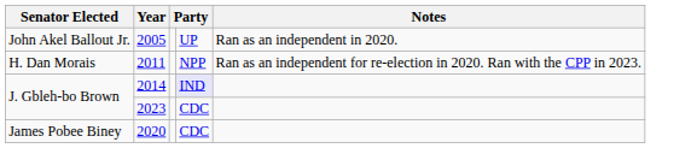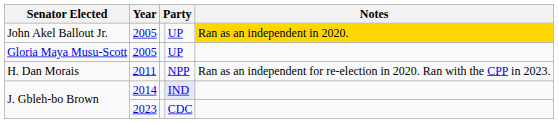 <table class="wikitable">
 <tr>
 <th>Senator Elected</th>
 <th>Year</th>
 <th colspan=2>Party</th>
 <th>Notes</th>
 </tr>
 <tr>
 <td>John Akel Ballout Jr.</td>
 <td><a href='#'>2005</a></td>
 <td></td>
 <td><a href='#'>UP</a></td>
-<td>Ran as an independent in 2020.</td>
+<td style="background: gold;">Ran as an independent in 2020.</td>
+</tr>
+<tr>
+<td><a href='#'>Gloria Maya Musu-Scott</a></td>
+<td><a href='#'>2005</a></td>
+<td></td>
+<td><a href='#'>UP</a></td>
+<td></td>
 </tr>
 <tr>
 <td>H. Dan Morais</td>
 <td><a href='#'>2011</a></td>
 <td></td>
 <td><a href='#'>NPP</a></td>
 <td>Ran as an independent for re-election in 2020. Ran with the <a href='#'>CPP</a> in 2023.</td>
 </tr>
 <tr>
 <td rowspan=2>J. Gbleh-bo Brown</td>
 <td><a href='#'>2014</a></td>
 <td></td>
 <td style="background: lavender;"><a href='#'>IND</a></td>
 <td></td>
 </tr>
 <tr>
 <td><a href='#'>2023</a></td>
 <td></td>
 <td><a href='#'>CDC</a></td>
 <td></td>
 </tr>
-<tr>
-<td>James Pobee Biney</td>
-<td><a href='#'>2020</a></td>
-<td></td>
-<td><a href='#'>CDC</a></td>
-<td></td>
-</tr>
 </table>
